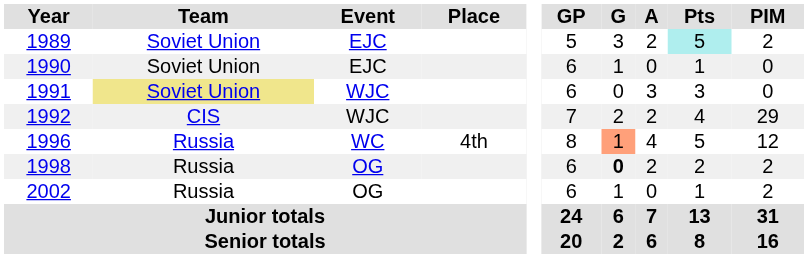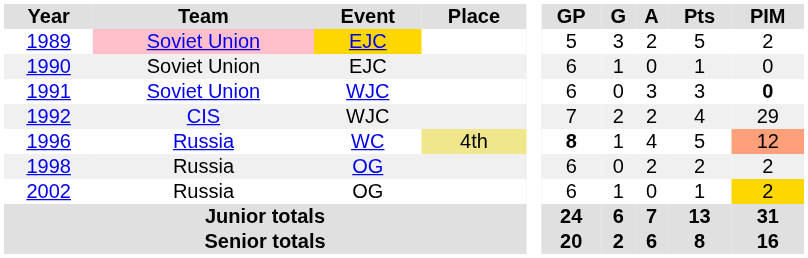 <table border="0" cellpadding="1" cellspacing="0" style="text-align:center; width:40em">
 <tr ALIGN="center" bgcolor="#e0e0e0">
 <th>Year</th>
 <th>Team</th>
 <th>Event</th>
 <th>Place</th>
 <th ALIGN="center" rowspan="99" bgcolor="#ffffff"> </th>
 <th>GP</th>
 <th>G</th>
 <th>A</th>
 <th>Pts</th>
 <th>PIM</th>
 </tr>
 <tr>
 <td><a href='#'>1989</a></td>
-<td><a href='#'>Soviet Union</a></td>
-<td><a href='#'>EJC</a></td>
+<td style="background: pink;"><a href='#'>Soviet Union</a></td>
+<td style="background: gold;"><a href='#'>EJC</a></td>
 <td></td>
 <td>5</td>
 <td>3</td>
 <td>2</td>
-<td style="background: paleturquoise;">5</td>
+<td>5</td>
 <td>2</td>
 </tr>
 <tr bgcolor="#f0f0f0">
 <td><a href='#'>1990</a></td>
 <td>Soviet Union</td>
 <td>EJC</td>
 <td></td>
 <td>6</td>
 <td>1</td>
 <td>0</td>
 <td>1</td>
 <td>0</td>
 </tr>
 <tr>
 <td><a href='#'>1991</a></td>
-<td style="background: khaki;"><a href='#'>Soviet Union</a></td>
+<td><a href='#'>Soviet Union</a></td>
 <td><a href='#'>WJC</a></td>
 <td></td>
 <td>6</td>
 <td>0</td>
 <td>3</td>
 <td>3</td>
-<td>0</td>
+<td><strong>0</strong></td>
 </tr>
 <tr bgcolor="#f0f0f0">
 <td><a href='#'>1992</a></td>
 <td><a href='#'>CIS</a></td>
 <td>WJC</td>
 <td></td>
 <td>7</td>
 <td>2</td>
 <td>2</td>
 <td>4</td>
 <td>29</td>
 </tr>
 <tr>
 <td><a href='#'>1996</a></td>
 <td><a href='#'>Russia</a></td>
 <td><a href='#'>WC</a></td>
-<td>4th</td>
-<td>8</td>
-<td style="background: lightsalmon;">1</td>
+<td style="background: khaki;">4th</td>
+<td><strong>8</strong></td>
+<td>1</td>
 <td>4</td>
 <td>5</td>
-<td>12</td>
+<td style="background: lightsalmon;">12</td>
 </tr>
 <tr bgcolor="#f0f0f0">
 <td><a href='#'>1998</a></td>
 <td>Russia</td>
 <td><a href='#'>OG</a></td>
 <td></td>
 <td>6</td>
-<td><strong>0</strong></td>
+<td>0</td>
 <td>2</td>
 <td>2</td>
 <td>2</td>
 </tr>
 <tr>
 <td><a href='#'>2002</a></td>
 <td>Russia</td>
 <td>OG</td>
 <td></td>
 <td>6</td>
 <td>1</td>
 <td>0</td>
 <td>1</td>
-<td>2</td>
+<td style="background: gold;">2</td>
 </tr>
 <tr bgcolor="#e0e0e0">
 <th colspan="4">Junior totals</th>
 <th>24</th>
 <th>6</th>
 <th>7</th>
 <th>13</th>
 <th>31</th>
 </tr>
 <tr bgcolor="#e0e0e0">
 <th colspan=4>Senior totals</th>
 <th>20</th>
 <th>2</th>
 <th>6</th>
 <th>8</th>
 <th>16</th>
 </tr>
 </table>
